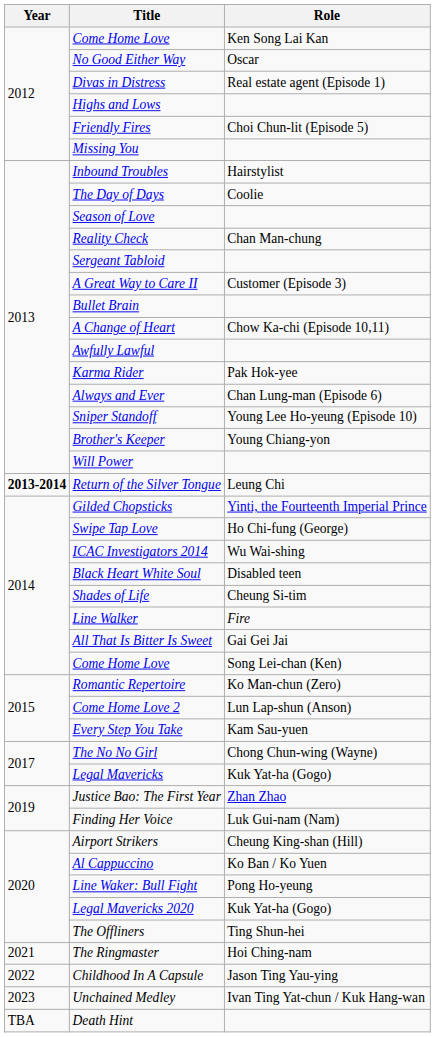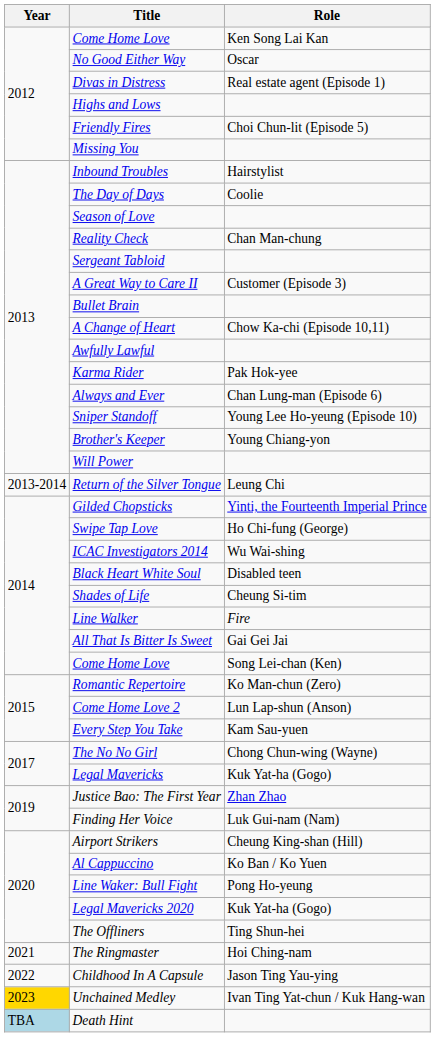 <table class="wikitable" style="font-size: 90%;">
 <tr>
 <th>Year</th>
 <th>Title</th>
 <th>Role</th>
 </tr>
 <tr>
 <td rowspan=6>2012</td>
 <td><em><a href='#'>Come Home Love</a></em></td>
 <td>Ken Song Lai Kan</td>
 </tr>
 <tr>
 <td><em><a href='#'>No Good Either Way</a></em></td>
 <td>Oscar</td>
 </tr>
 <tr>
 <td><em><a href='#'>Divas in Distress</a></em></td>
 <td>Real estate agent (Episode 1)</td>
 </tr>
 <tr>
 <td><em><a href='#'>Highs and Lows</a></em></td>
 <td></td>
 </tr>
 <tr>
 <td><em><a href='#'>Friendly Fires</a></em></td>
 <td>Choi Chun-lit (Episode 5)</td>
 </tr>
 <tr>
 <td><em><a href='#'>Missing You</a></em></td>
 <td></td>
 </tr>
 <tr>
 <td rowspan=14>2013</td>
 <td><em><a href='#'>Inbound Troubles</a></em></td>
 <td>Hairstylist</td>
 </tr>
 <tr>
 <td><em><a href='#'>The Day of Days</a></em></td>
 <td>Coolie</td>
 </tr>
 <tr>
 <td><em><a href='#'>Season of Love</a></em></td>
 <td></td>
 </tr>
 <tr>
 <td><em><a href='#'>Reality Check</a></em></td>
 <td>Chan Man-chung</td>
 </tr>
 <tr>
 <td><em><a href='#'>Sergeant Tabloid</a></em></td>
 <td></td>
 </tr>
 <tr>
 <td><em><a href='#'>A Great Way to Care II</a></em></td>
 <td>Customer (Episode 3)</td>
 </tr>
 <tr>
 <td><em><a href='#'>Bullet Brain</a></em></td>
 <td></td>
 </tr>
 <tr>
 <td><em><a href='#'>A Change of Heart</a></em></td>
 <td>Chow Ka-chi (Episode 10,11)</td>
 </tr>
 <tr>
 <td><em><a href='#'>Awfully Lawful</a></em></td>
 <td></td>
 </tr>
 <tr>
 <td><em><a href='#'>Karma Rider</a></em></td>
 <td>Pak Hok-yee</td>
 </tr>
 <tr>
 <td><em><a href='#'>Always and Ever</a></em></td>
 <td>Chan Lung-man (Episode 6)</td>
 </tr>
 <tr>
 <td><em><a href='#'>Sniper Standoff</a></em></td>
 <td>Young Lee Ho-yeung (Episode 10)</td>
 </tr>
 <tr>
 <td><em><a href='#'>Brother's Keeper</a></em></td>
 <td>Young Chiang-yon</td>
 </tr>
 <tr>
 <td><em><a href='#'>Will Power</a></em></td>
 <td></td>
 </tr>
 <tr>
-<td><strong>2013-2014</strong></td>
+<td>2013-2014</td>
 <td><em><a href='#'>Return of the Silver Tongue</a></em></td>
 <td>Leung Chi</td>
 </tr>
 <tr>
 <td rowspan=8>2014</td>
 <td><em><a href='#'>Gilded Chopsticks</a></em></td>
 <td><a href='#'>Yinti, the Fourteenth Imperial Prince</a></td>
 </tr>
 <tr>
 <td><em><a href='#'>Swipe Tap Love</a></em></td>
 <td>Ho Chi-fung (George)</td>
 </tr>
 <tr>
 <td><em><a href='#'>ICAC Investigators 2014</a></em></td>
 <td>Wu Wai-shing</td>
 </tr>
 <tr>
 <td><em><a href='#'>Black Heart White Soul</a></em></td>
 <td>Disabled teen</td>
 </tr>
 <tr>
 <td><em><a href='#'>Shades of Life</a></em></td>
 <td>Cheung Si-tim</td>
 </tr>
 <tr>
 <td><em><a href='#'>Line Walker</a></em></td>
 <td><em>Fire</em></td>
 </tr>
 <tr>
 <td><em><a href='#'>All That Is Bitter Is Sweet</a></em></td>
 <td>Gai Gei Jai</td>
 </tr>
 <tr>
 <td><em><a href='#'>Come Home Love</a></em></td>
 <td>Song Lei-chan (Ken)</td>
 </tr>
 <tr>
 <td rowspan=3>2015</td>
 <td><em><a href='#'>Romantic Repertoire</a></em></td>
 <td>Ko Man-chun (Zero)</td>
 </tr>
 <tr>
 <td><em><a href='#'>Come Home Love 2</a></em></td>
 <td>Lun Lap-shun (Anson)</td>
 </tr>
 <tr>
 <td><em><a href='#'>Every Step You Take</a></em></td>
 <td>Kam Sau-yuen</td>
 </tr>
 <tr>
 <td rowspan=2>2017</td>
 <td><em><a href='#'>The No No Girl</a></em></td>
 <td>Chong Chun-wing (Wayne)</td>
 </tr>
 <tr>
 <td><em><a href='#'>Legal Mavericks</a></em></td>
 <td>Kuk Yat-ha (Gogo)</td>
 </tr>
 <tr>
 <td rowspan=2>2019</td>
 <td><em>Justice Bao: The First Year</em></td>
 <td><a href='#'>Zhan Zhao</a></td>
 </tr>
 <tr>
 <td><em>Finding Her Voice</em></td>
 <td>Luk Gui-nam (Nam)</td>
 </tr>
 <tr>
 <td rowspan=5>2020</td>
 <td><em>Airport Strikers</em></td>
 <td>Cheung King-shan (Hill)</td>
 </tr>
 <tr>
 <td><em><a href='#'>Al Cappuccino</a></em></td>
 <td>Ko Ban / Ko Yuen</td>
 </tr>
 <tr>
 <td><em><a href='#'>Line Waker: Bull Fight</a></em></td>
 <td>Pong Ho-yeung</td>
 </tr>
 <tr>
 <td><em><a href='#'>Legal Mavericks 2020</a></em></td>
 <td>Kuk Yat-ha (Gogo)</td>
 </tr>
 <tr>
 <td><em>The Offliners</em></td>
 <td>Ting Shun-hei</td>
 </tr>
 <tr>
 <td>2021</td>
 <td><em>The Ringmaster</em></td>
 <td>Hoi Ching-nam</td>
 </tr>
 <tr>
 <td>2022</td>
 <td><em>Childhood In A Capsule</em></td>
 <td>Jason Ting Yau-ying</td>
 </tr>
 <tr>
-<td>2023</td>
+<td style="background: gold;">2023</td>
 <td><em>Unchained Medley</em></td>
 <td>Ivan Ting Yat-chun / Kuk Hang-wan</td>
 </tr>
 <tr>
-<td>TBA</td>
+<td style="background: lightblue;">TBA</td>
 <td><em>Death Hint</em></td>
 <td></td>
 </tr>
 </table>
